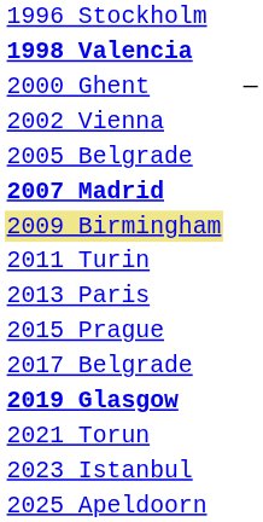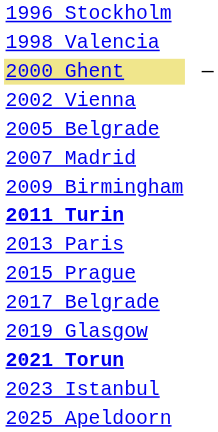 <table>
 <tr>
 <td><a href='#'>1996 Stockholm</a><br></td>
 <td></td>
 <td></td>
 <td></td>
 </tr>
 <tr>
-<td><strong><a href='#'>1998 Valencia</a><br></strong></td>
+<td><a href='#'>1998 Valencia</a><br></td>
 <td></td>
 <td></td>
 <td></td>
 </tr>
 <tr>
-<td><a href='#'>2000 Ghent</a><br></td>
+<td style="background: khaki;"><a href='#'>2000 Ghent</a><br></td>
 <td></td>
 <td><br></td>
 <td>—</td>
 </tr>
 <tr>
 <td><a href='#'>2002 Vienna</a><br></td>
 <td></td>
 <td></td>
 <td></td>
 </tr>
 <tr>
 <td><a href='#'>2005 Belgrade</a><br></td>
 <td></td>
 <td></td>
 <td></td>
 </tr>
 <tr>
-<td><strong><a href='#'>2007 Madrid</a><br></strong></td>
+<td><a href='#'>2007 Madrid</a><br></td>
 <td></td>
 <td></td>
 <td></td>
 </tr>
 <tr>
-<td style="background: khaki;"><a href='#'>2009 Birmingham</a><br></td>
+<td><a href='#'>2009 Birmingham</a><br></td>
 <td></td>
 <td></td>
 <td></td>
 </tr>
 <tr>
-<td><a href='#'>2011 Turin</a><br></td>
+<td><strong><a href='#'>2011 Turin</a><br></strong></td>
 <td></td>
 <td></td>
 <td></td>
 </tr>
 <tr>
 <td><a href='#'>2013 Paris</a><br></td>
 <td></td>
 <td></td>
 <td></td>
 </tr>
 <tr>
 <td><a href='#'>2015 Prague</a><br></td>
 <td></td>
 <td></td>
 <td></td>
 </tr>
 <tr>
 <td><a href='#'>2017 Belgrade</a><br></td>
 <td></td>
 <td></td>
 <td><br></td>
 </tr>
 <tr>
-<td><strong><a href='#'>2019 Glasgow</a><br></strong></td>
+<td><a href='#'>2019 Glasgow</a><br></td>
 <td></td>
 <td></td>
 <td></td>
 </tr>
 <tr>
-<td><a href='#'>2021 Torun</a><br></td>
+<td><strong><a href='#'>2021 Torun</a><br></strong></td>
 <td></td>
 <td></td>
 <td><br></td>
 </tr>
 <tr>
 <td><a href='#'>2023 Istanbul</a><br></td>
 <td></td>
 <td></td>
 <td></td>
 </tr>
 <tr>
 <td><a href='#'>2025 Apeldoorn</a><br></td>
 <td></td>
 <td></td>
 <td></td>
 </tr>
 </table>
